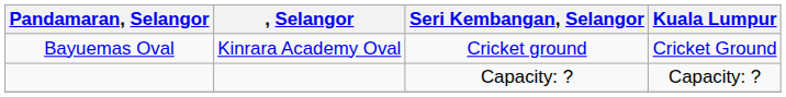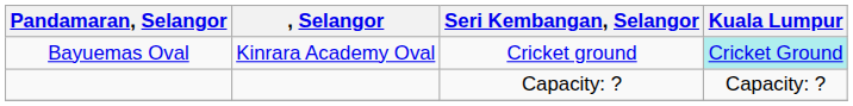 <table class="wikitable" style="text-align:center">
 <tr>
 <th><a href='#'>Pandamaran</a>, <a href='#'>Selangor</a></th>
 <th>, <a href='#'>Selangor</a></th>
 <th><a href='#'>Seri Kembangan</a>, <a href='#'>Selangor</a></th>
 <th><a href='#'>Kuala Lumpur</a></th>
 </tr>
 <tr>
 <td><a href='#'>Bayuemas Oval</a></td>
 <td><a href='#'>Kinrara Academy Oval</a></td>
 <td><a href='#'> Cricket ground</a></td>
-<td><a href='#'> Cricket Ground</a></td>
+<td style="background: paleturquoise;"><a href='#'> Cricket Ground</a></td>
 </tr>
 <tr>
 <td></td>
 <td></td>
 <td>Capacity: ?</td>
 <td>Capacity: ?</td>
 </tr>
 <tr>
 </tr>
 </table>
